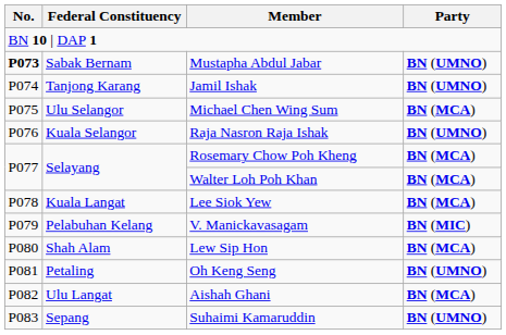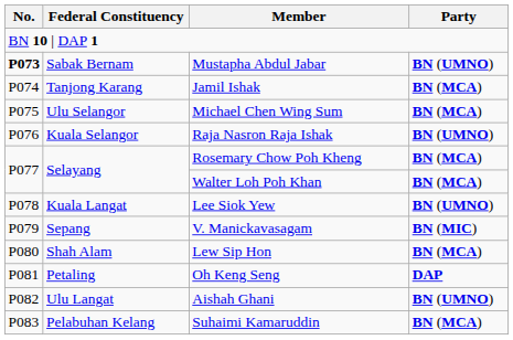 <table class="wikitable sortable">
 <tr>
 <th style="width:30px;">No.</th>
 <th style="width:150px;">Federal Constituency</th>
 <th style="width:230px;">Member</th>
 <th style="width:100px;">Party</th>
 </tr>
 <tr>
 <td colspan="4"><a href='#'>BN</a> <strong>10</strong> | <a href='#'>DAP</a> <strong>1</strong></td>
 </tr>
 <tr>
 <td><strong>P073</strong></td>
 <td><a href='#'>Sabak Bernam</a></td>
 <td><a href='#'>Mustapha Abdul Jabar</a></td>
 <td><strong><a href='#'>BN</a></strong> (<strong><a href='#'>UMNO</a></strong>)</td>
 </tr>
 <tr>
 <td>P074</td>
 <td><a href='#'>Tanjong Karang</a></td>
 <td><a href='#'>Jamil Ishak</a></td>
-<td><strong><a href='#'>BN</a></strong> (<strong><a href='#'>UMNO</a></strong>)</td>
+<td><strong><a href='#'>BN</a></strong> (<strong><a href='#'>MCA</a></strong>)</td>
 </tr>
 <tr>
 <td>P075</td>
 <td><a href='#'>Ulu Selangor</a></td>
 <td><a href='#'>Michael Chen Wing Sum</a></td>
 <td><strong><a href='#'>BN</a></strong> (<strong><a href='#'>MCA</a></strong>)</td>
 </tr>
 <tr>
 <td>P076</td>
 <td><a href='#'>Kuala Selangor</a></td>
 <td><a href='#'>Raja Nasron Raja Ishak</a></td>
 <td><strong><a href='#'>BN</a></strong> (<strong><a href='#'>UMNO</a></strong>)</td>
 </tr>
 <tr>
 <td rowspan=2>P077</td>
 <td rowspan=2><a href='#'>Selayang</a></td>
 <td><a href='#'>Rosemary Chow Poh Kheng</a> </td>
 <td><strong><a href='#'>BN</a></strong> (<strong><a href='#'>MCA</a></strong>)</td>
 </tr>
 <tr>
 <td><a href='#'>Walter Loh Poh Khan</a> </td>
 <td><strong><a href='#'>BN</a></strong> (<strong><a href='#'>MCA</a></strong>)</td>
 </tr>
 <tr>
 <td>P078</td>
 <td><a href='#'>Kuala Langat</a></td>
 <td><a href='#'>Lee Siok Yew</a></td>
-<td><strong><a href='#'>BN</a></strong> (<strong><a href='#'>MCA</a></strong>)</td>
+<td><strong><a href='#'>BN</a></strong> (<strong><a href='#'>UMNO</a></strong>)</td>
 </tr>
 <tr>
 <td>P079</td>
-<td><a href='#'>Pelabuhan Kelang</a></td>
+<td><a href='#'>Sepang</a></td>
 <td><a href='#'>V. Manickavasagam</a></td>
 <td><strong><a href='#'>BN</a></strong> (<strong><a href='#'>MIC</a></strong>)</td>
 </tr>
 <tr>
 <td>P080</td>
 <td><a href='#'>Shah Alam</a></td>
 <td><a href='#'>Lew Sip Hon</a></td>
 <td><strong><a href='#'>BN</a></strong> (<strong><a href='#'>MCA</a></strong>)</td>
 </tr>
 <tr>
 <td>P081</td>
 <td><a href='#'>Petaling</a></td>
 <td><a href='#'>Oh Keng Seng</a></td>
-<td><strong><a href='#'>BN</a></strong> (<strong><a href='#'>UMNO</a></strong>)</td>
+<td><strong><a href='#'>DAP</a></strong></td>
 </tr>
 <tr>
 <td>P082</td>
 <td><a href='#'>Ulu Langat</a></td>
 <td><a href='#'>Aishah Ghani</a></td>
-<td><strong><a href='#'>BN</a></strong> (<strong><a href='#'>MCA</a></strong>)</td>
+<td><strong><a href='#'>BN</a></strong> (<strong><a href='#'>UMNO</a></strong>)</td>
 </tr>
 <tr>
 <td>P083</td>
-<td><a href='#'>Sepang</a></td>
+<td><a href='#'>Pelabuhan Kelang</a></td>
 <td><a href='#'>Suhaimi Kamaruddin</a></td>
-<td><strong><a href='#'>BN</a></strong> (<strong><a href='#'>UMNO</a></strong>)</td>
+<td><strong><a href='#'>BN</a></strong> (<strong><a href='#'>MCA</a></strong>)</td>
 </tr>
 </table>
